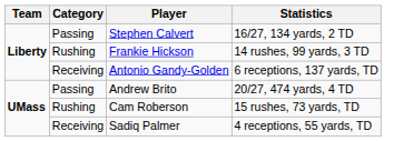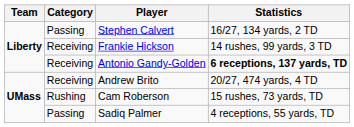 <table class="wikitable" style="float: left;">
 <tr>
 <th>Team</th>
 <th>Category</th>
 <th>Player</th>
 <th>Statistics</th>
 </tr>
 <tr>
 <td rowspan=3><strong>Liberty</strong></td>
 <td>Passing</td>
 <td><a href='#'>Stephen Calvert</a></td>
 <td>16/27, 134 yards, 2 TD</td>
 </tr>
 <tr>
-<td>Rushing</td>
+<td>Receiving</td>
 <td><a href='#'>Frankie Hickson</a></td>
 <td>14 rushes, 99 yards, 3 TD</td>
 </tr>
 <tr>
 <td>Receiving</td>
 <td><a href='#'>Antonio Gandy-Golden</a></td>
-<td>6 receptions, 137 yards, TD</td>
+<td><strong>6 receptions, 137 yards, TD</strong></td>
 </tr>
 <tr>
 <td rowspan=3><strong>UMass</strong></td>
-<td>Passing</td>
+<td>Receiving</td>
 <td>Andrew Brito</td>
 <td>20/27, 474 yards, 4 TD</td>
 </tr>
 <tr>
 <td>Rushing</td>
 <td>Cam Roberson</td>
 <td>15 rushes, 73 yards, TD</td>
 </tr>
 <tr>
-<td>Receiving</td>
+<td>Passing</td>
 <td>Sadiq Palmer</td>
 <td>4 receptions, 55 yards, TD</td>
 </tr>
 </table>
